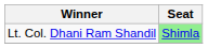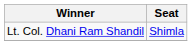 <table class="wikitable sortable">
 <tr>
 <th>Winner</th>
 <th>Seat</th>
 </tr>
 <tr>
 <td>Lt. Col. <a href='#'>Dhani Ram Shandil</a></td>
-<td style="background: lightgreen;"><a href='#'>Shimla</a></td>
+<td><a href='#'>Shimla</a></td>
 </tr>
 <tr>
 </tr>
 </table>
